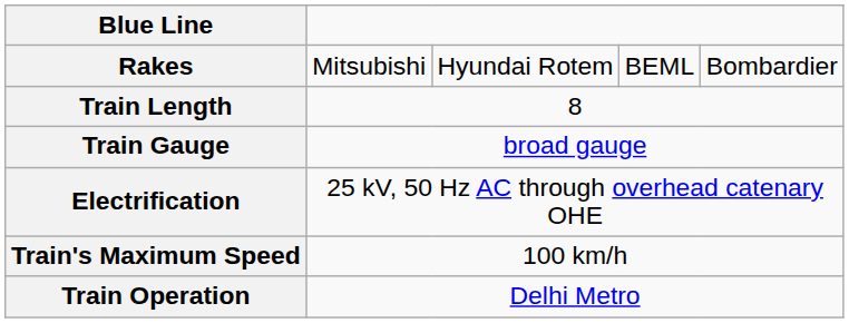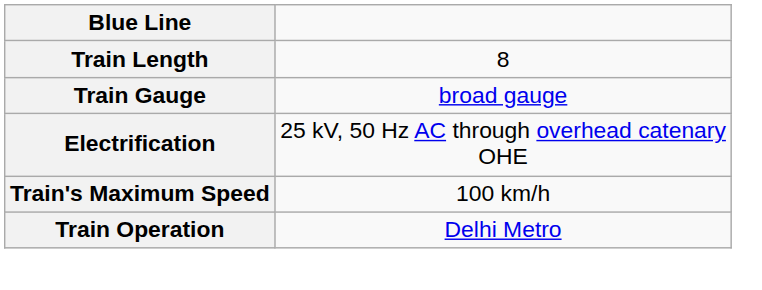 <table class="wikitable" style="text-align:center">
 <tr>
 <th style="background: #"><span>Blue Line</span></th>
-</tr>
-<tr>
-<th>Rakes</th>
-<td>Mitsubishi</td>
-<td>Hyundai Rotem</td>
-<td>BEML</td>
-<td>Bombardier</td>
 </tr>
 <tr>
 <th>Train Length</th>
 <td colspan="4">8</td>
 </tr>
 <tr>
 <th>Train Gauge</th>
 <td colspan="4"> <a href='#'>broad gauge</a></td>
 </tr>
 <tr>
 <th>Electrification</th>
 <td colspan="4">25 kV, 50 Hz <a href='#'>AC</a> through <a href='#'>overhead catenary</a><br>OHE</td>
 </tr>
 <tr>
 <th>Train's Maximum Speed</th>
 <td colspan="4">100 km/h</td>
 </tr>
 <tr>
 <th>Train Operation</th>
 <td colspan="4"><a href='#'>Delhi Metro</a></td>
 </tr>
 </table>
